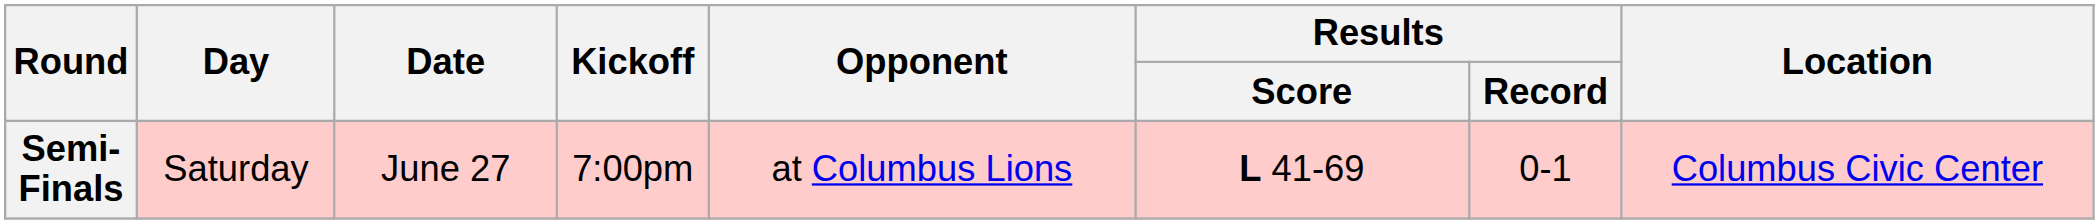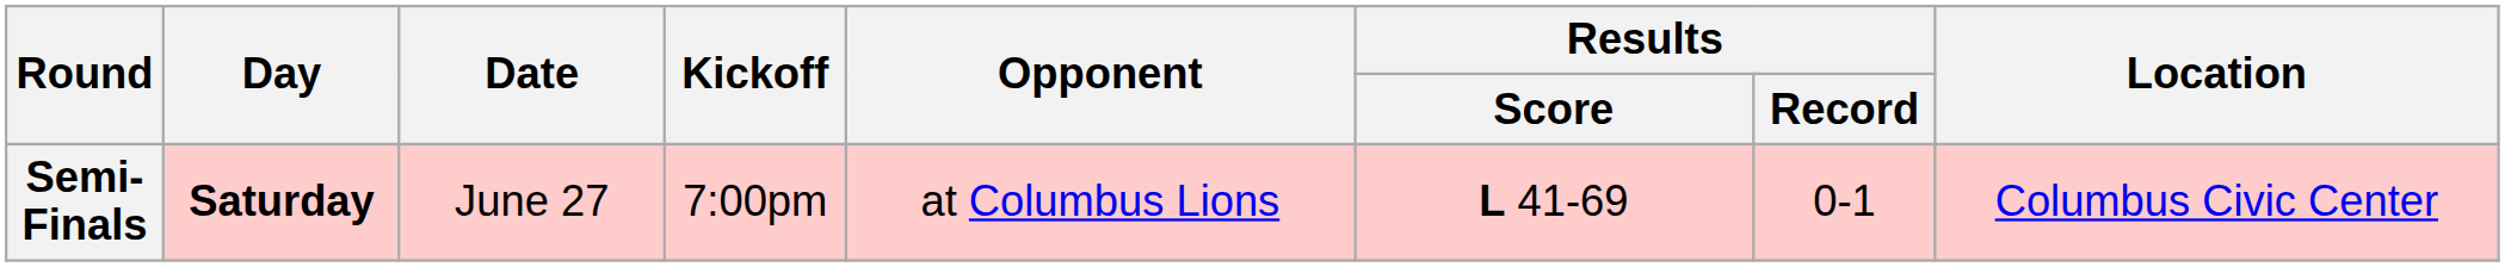 <table class="wikitable">
 <tr>
 <th rowspan="2" width="40">Round</th>
 <th rowspan="2" width="80">Day</th>
 <th rowspan="2" width="90">Date</th>
 <th rowspan="2" width="60">Kickoff</th>
 <th rowspan="2" width="180">Opponent</th>
 <th colspan="2" width="200">Results</th>
 <th rowspan="2" width="200">Location</th>
 </tr>
 <tr>
 <th width="140">Score</th>
 <th width="60">Record</th>
 </tr>
 <tr align="center" bgcolor="#FFCCCC">
 <th>Semi-Finals</th>
-<td>Saturday</td>
+<td><strong>Saturday</strong></td>
 <td>June 27</td>
 <td>7:00pm</td>
 <td>at <a href='#'>Columbus Lions</a></td>
 <td><strong>L</strong> 41-69</td>
 <td>0-1</td>
 <td><a href='#'>Columbus Civic Center</a></td>
 </tr>
 </table>
